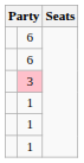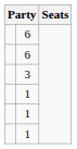 <table class="wikitable" style="font-size: 95%;">
 <tr>
 <th colspan="2">Party</th>
 <th>Seats</th>
 </tr>
 <tr>
 <td></td>
 <td align="center">6</td>
 </tr>
 <tr>
 <td></td>
 <td align="center">6</td>
 </tr>
 <tr>
 <td></td>
-<td align="center" style="background: pink;">3</td>
+<td align="center">3</td>
 </tr>
 <tr>
 <td></td>
 <td align="center">1</td>
 </tr>
 <tr>
 <td></td>
 <td align="center">1</td>
 </tr>
 <tr>
 <td></td>
 <td align="center">1</td>
 </tr>
 </table>
